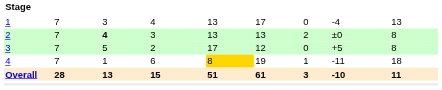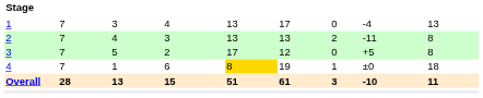 <table class="toccolours" border=0 cellpadding="2" cellspacing="0" style="font-size:95%; text-align:left; width:700px;">
 <tr align="left" style="background:#">
 <th style="width:75px">Stage</th>
 <th></th>
 <th></th>
 <th></th>
 <th></th>
 <th></th>
 <th></th>
 <th></th>
 <th></th>
 <th></th>
 </tr>
 <tr>
 <td colspan = "10"></td>
 </tr>
 <tr>
 </tr>
 <tr style="">
 <td><a href='#'>1</a></td>
 <td>7</td>
 <td>3</td>
 <td>4</td>
 <td></td>
 <td>13</td>
 <td>17</td>
 <td>0</td>
 <td>-4</td>
 <td>13</td>
 </tr>
 <tr style="background:#cfc">
 <td><a href='#'>2</a></td>
 <td>7</td>
-<td><strong>4</strong></td>
+<td>4</td>
 <td>3</td>
 <td></td>
 <td>13</td>
 <td>13</td>
 <td>2</td>
-<td>±0</td>
+<td>-11</td>
 <td>8</td>
 </tr>
 <tr style="background:#cfc">
 <td><a href='#'>3</a></td>
 <td>7</td>
 <td>5</td>
 <td>2</td>
 <td></td>
 <td>17</td>
 <td>12</td>
 <td>0</td>
 <td>+5</td>
 <td>8</td>
 </tr>
 <tr>
 <td><a href='#'>4</a></td>
 <td>7</td>
 <td>1</td>
 <td>6</td>
 <td></td>
 <td style="background: gold;">8</td>
 <td>19</td>
 <td>1</td>
-<td>-11</td>
+<td>±0</td>
 <td>18</td>
 </tr>
 <tr style="background-color:#ffebcd;">
 <th><a href='#'>Overall</a></th>
 <th>28</th>
 <th>13</th>
 <th>15</th>
 <th></th>
 <th>51</th>
 <th>61</th>
 <th>3</th>
 <th>-10</th>
 <th>11</th>
 </tr>
 <tr>
 <td colspan="10"></td>
 </tr>
 <tr align="left" style="background:#EAECF0; color:#000;">
 <td colspan="10" style="text-align:center;"> </td>
 </tr>
 </table>
